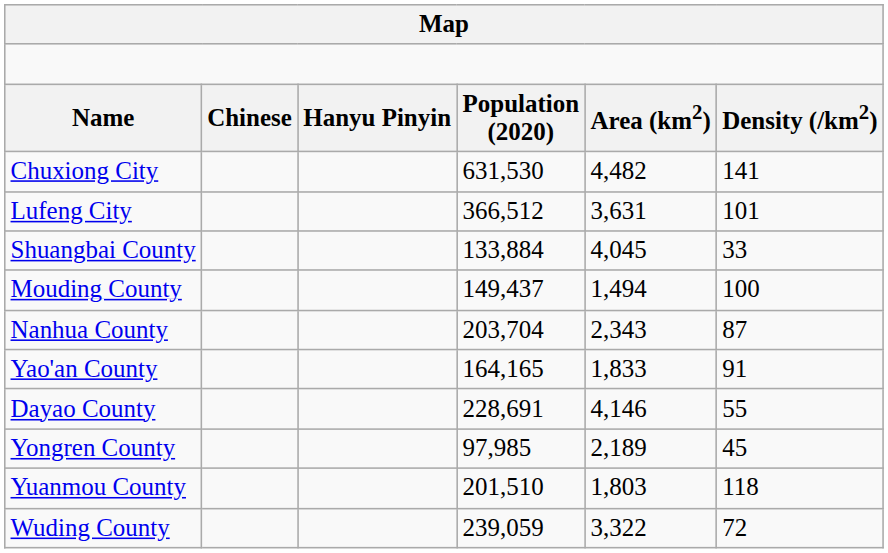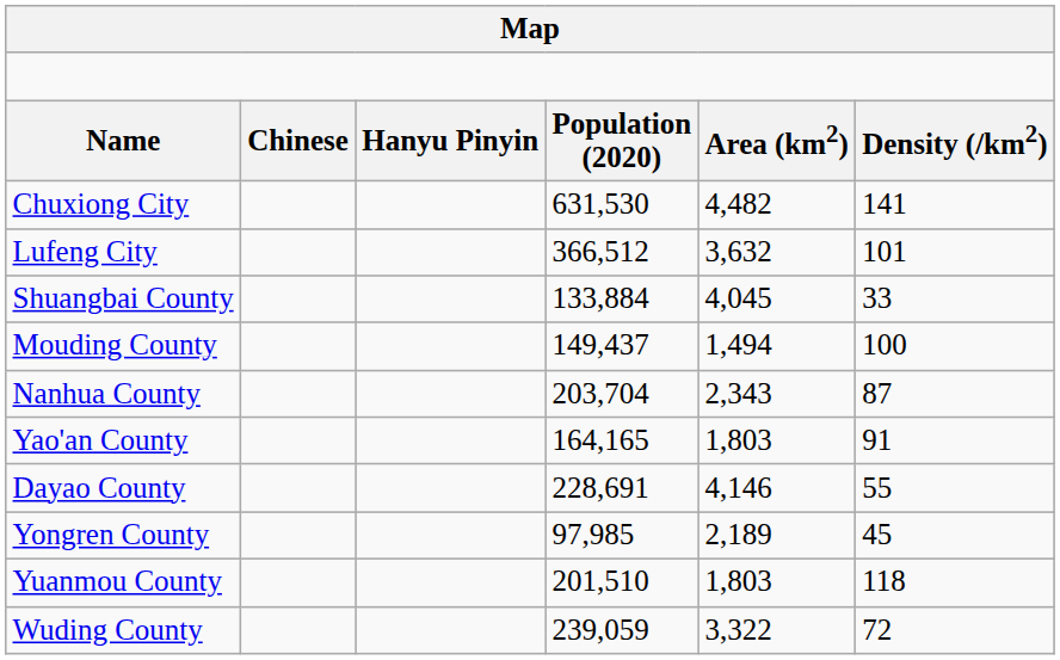 <table class="wikitable"  align=center>
 <tr>
 <th colspan="7" align="center">Map</th>
 </tr>
 <tr>
 <td colspan="7" align="center"><div><br>             </div></td>
 </tr>
 <tr>
 <th>Name</th>
 <th>Chinese</th>
 <th>Hanyu Pinyin</th>
 <th>Population<br>(2020)</th>
 <th>Area (km<sup>2</sup>)</th>
 <th>Density (/km<sup>2</sup>)</th>
 </tr>
 <tr --------->
 <td><a href='#'>Chuxiong City</a></td>
 <td></td>
 <td></td>
 <td>631,530</td>
 <td>4,482</td>
 <td>141</td>
 </tr>
 <tr --------->
 <td><a href='#'>Lufeng City</a></td>
 <td></td>
 <td></td>
 <td>366,512</td>
-<td>3,631</td>
+<td>3,632</td>
 <td>101</td>
 </tr>
 <tr --------->
 <td><a href='#'>Shuangbai County</a></td>
 <td></td>
 <td></td>
 <td>133,884</td>
 <td>4,045</td>
 <td>33</td>
 </tr>
 <tr --------->
 <td><a href='#'>Mouding County</a></td>
 <td></td>
 <td></td>
 <td>149,437</td>
 <td>1,494</td>
 <td>100</td>
 </tr>
 <tr --------->
 <td><a href='#'>Nanhua County</a></td>
 <td></td>
 <td></td>
 <td>203,704</td>
 <td>2,343</td>
 <td>87</td>
 </tr>
 <tr --------->
 <td><a href='#'>Yao'an County</a></td>
 <td></td>
 <td></td>
 <td>164,165</td>
-<td>1,833</td>
+<td>1,803</td>
 <td>91</td>
 </tr>
 <tr --------->
 <td><a href='#'>Dayao County</a></td>
 <td></td>
 <td></td>
 <td>228,691</td>
 <td>4,146</td>
 <td>55</td>
 </tr>
 <tr --------->
 <td><a href='#'>Yongren County</a></td>
 <td></td>
 <td></td>
 <td>97,985</td>
 <td>2,189</td>
 <td>45</td>
 </tr>
 <tr --------->
 <td><a href='#'>Yuanmou County</a></td>
 <td></td>
 <td></td>
 <td>201,510</td>
 <td>1,803</td>
 <td>118</td>
 </tr>
 <tr --------->
 <td><a href='#'>Wuding County</a></td>
 <td></td>
 <td></td>
 <td>239,059</td>
 <td>3,322</td>
 <td>72</td>
 </tr>
 </table>
